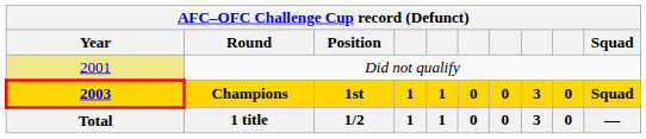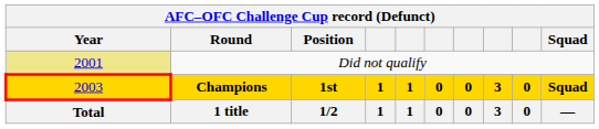 <table class="wikitable" style="text-align: center;">
 <tr>
 <th colspan=10><a href='#'>AFC–OFC Challenge Cup</a> record (Defunct)</th>
 </tr>
 <tr>
 <th width="175">Year</th>
 <th width="125">Round</th>
 <th width="75">Position</th>
 <th width="25"></th>
 <th width="25"></th>
 <th width="25"></th>
 <th width="25"></th>
 <th width="25"></th>
 <th width="25"></th>
 <th width="50">Squad</th>
 </tr>
 <tr>
 <td style="background: khaki;"> <a href='#'>2001</a></td>
 <td colspan=9><em>Did not qualify</em></td>
 </tr>
 <tr bgcolor=gold>
-<td style="border: 3px solid red"><strong> <a href='#'>2003</a></strong></td>
+<td style="border: 3px solid red"> <a href='#'>2003</a></td>
 <td><strong>Champions</strong></td>
 <td><strong>1st</strong></td>
 <td><strong>1</strong></td>
 <td><strong>1</strong></td>
 <td><strong>0</strong></td>
 <td><strong>0</strong></td>
 <td><strong>3</strong></td>
 <td><strong>0</strong></td>
 <td><strong>Squad</strong></td>
 </tr>
 <tr>
 <th>Total</th>
 <th>1 title</th>
 <th>1/2</th>
 <th>1</th>
 <th>1</th>
 <th>0</th>
 <th>0</th>
 <th>3</th>
 <th>0</th>
 <th>—</th>
 </tr>
 </table>
